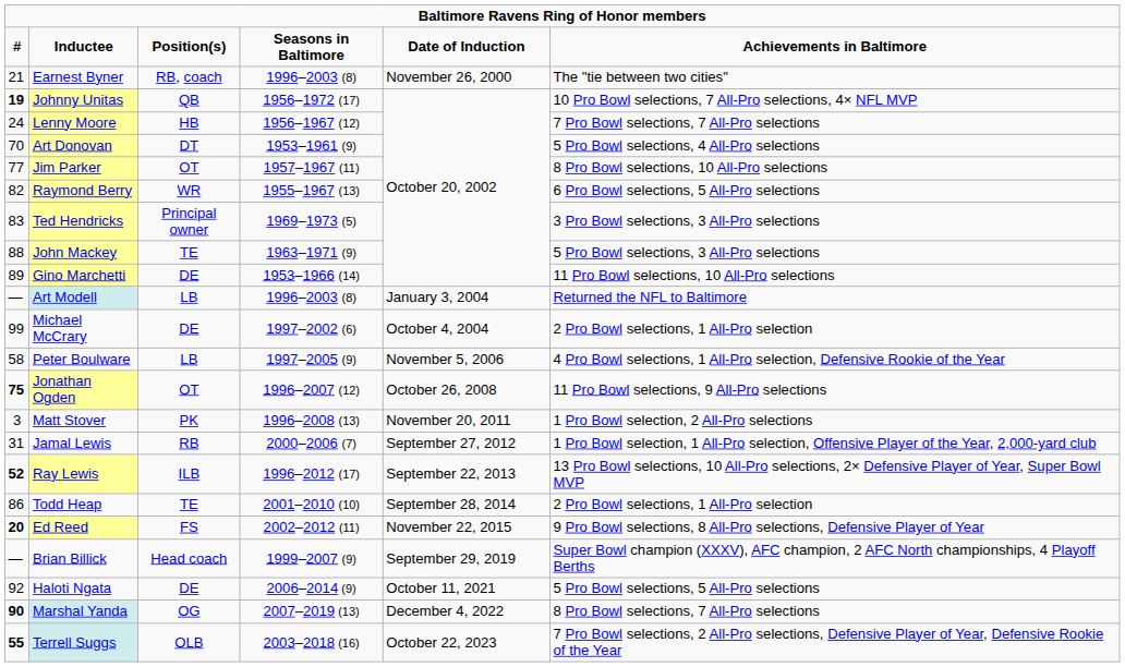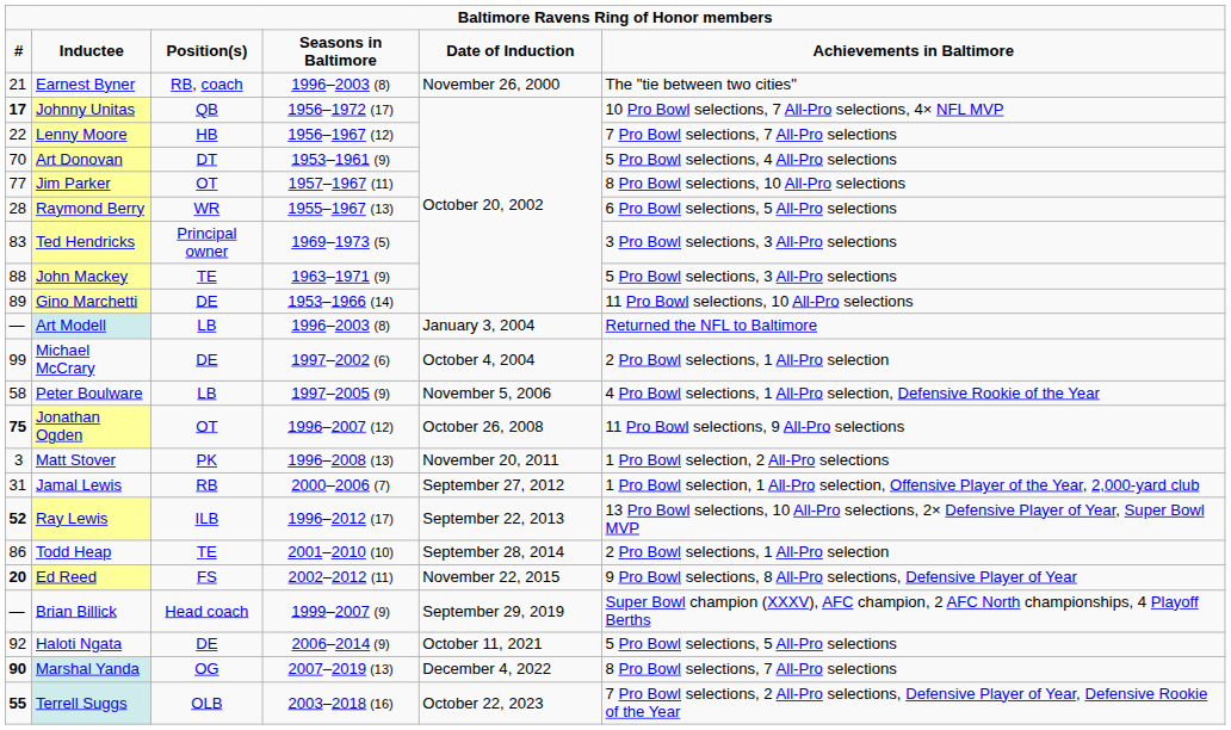 <table class="wikitable">
 <tr>
 <td colspan=6 style="text-align:center; "><strong>Baltimore Ravens Ring of Honor members</strong></td>
 </tr>
 <tr align="center">
 <td style="width:20px"><strong>#</strong></td>
 <td><strong>Inductee</strong></td>
 <td><strong>Position(s)</strong></td>
 <td><strong>Seasons in Baltimore</strong></td>
 <td style="width:15%"><strong>Date of Induction</strong></td>
 <td><strong>Achievements in Baltimore</strong></td>
 </tr>
 <tr>
 <td>21</td>
 <td><a href='#'>Earnest Byner</a></td>
 <td style="text-align:center;"><a href='#'>RB</a>, <a href='#'>coach</a></td>
 <td style="text-align:center;"><a href='#'>1996</a>–<a href='#'>2003</a> <small>(8)</small></td>
 <td>November 26, 2000</td>
 <td>The "tie between two cities"</td>
 </tr>
 <tr>
-<td><strong>19</strong></td>
+<td><strong>17</strong></td>
 <td style="background:#ff9"><a href='#'>Johnny Unitas</a></td>
 <td style="text-align:center;"><a href='#'>QB</a></td>
 <td style="text-align:center;"><a href='#'>1956</a>–<a href='#'>1972</a> <small>(17)</small></td>
 <td rowspan=8>October 20, 2002</td>
 <td>10 <a href='#'>Pro Bowl</a> selections, 7 <a href='#'>All-Pro</a> selections, 4× <a href='#'>NFL MVP</a></td>
 </tr>
 <tr>
-<td>24</td>
+<td>22</td>
 <td style="background:#ff9"><a href='#'>Lenny Moore</a></td>
 <td style="text-align:center;"><a href='#'>HB</a></td>
 <td style="text-align:center;"><a href='#'>1956</a>–<a href='#'>1967</a> <small>(12)</small></td>
 <td>7 <a href='#'>Pro Bowl</a> selections, 7 <a href='#'>All-Pro</a> selections</td>
 </tr>
 <tr>
 <td>70</td>
 <td style="background:#ff9"><a href='#'>Art Donovan</a></td>
 <td style="text-align:center;"><a href='#'>DT</a></td>
 <td style="text-align:center;"><a href='#'>1953</a>–<a href='#'>1961</a> <small>(9)</small></td>
 <td>5 <a href='#'>Pro Bowl</a> selections, 4 <a href='#'>All-Pro</a> selections</td>
 </tr>
 <tr>
 <td>77</td>
 <td style="background:#ff9"><a href='#'>Jim Parker</a></td>
 <td style="text-align:center;"><a href='#'>OT</a></td>
 <td style="text-align:center;"><a href='#'>1957</a>–<a href='#'>1967</a> <small>(11)</small></td>
 <td>8 <a href='#'>Pro Bowl</a> selections, 10 <a href='#'>All-Pro</a> selections</td>
 </tr>
 <tr>
-<td>82</td>
+<td>28</td>
 <td style="background:#ff9"><a href='#'>Raymond Berry</a></td>
 <td style="text-align:center;"><a href='#'>WR</a></td>
 <td style="text-align:center;"><a href='#'>1955</a>–<a href='#'>1967</a> <small>(13)</small></td>
 <td>6 <a href='#'>Pro Bowl</a> selections, 5 <a href='#'>All-Pro</a> selections</td>
 </tr>
 <tr>
 <td>83</td>
 <td style="background:#ff9"><a href='#'>Ted Hendricks</a></td>
 <td style="text-align:center;"><a href='#'>Principal owner</a></td>
 <td style="text-align:center;"><a href='#'>1969</a>–<a href='#'>1973</a> <small>(5)</small></td>
 <td>3 <a href='#'>Pro Bowl</a> selections, 3 <a href='#'>All-Pro</a> selections</td>
 </tr>
 <tr>
 <td>88</td>
 <td style="background:#ff9"><a href='#'>John Mackey</a></td>
 <td style="text-align:center;"><a href='#'>TE</a></td>
 <td style="text-align:center;"><a href='#'>1963</a>–<a href='#'>1971</a> <small>(9)</small></td>
 <td>5 <a href='#'>Pro Bowl</a> selections, 3 <a href='#'>All-Pro</a> selections</td>
 </tr>
 <tr>
 <td>89</td>
 <td style="background:#ff9"><a href='#'>Gino Marchetti</a></td>
 <td style="text-align:center;"><a href='#'>DE</a></td>
 <td style="text-align:center;"><a href='#'>1953</a>–<a href='#'>1966</a> <small>(14)</small></td>
 <td>11 <a href='#'>Pro Bowl</a> selections, 10 <a href='#'>All-Pro</a> selections</td>
 </tr>
 <tr>
 <td>—</td>
 <td style="background:#cfecec"><a href='#'>Art Modell</a></td>
 <td style="text-align:center;"><a href='#'>LB</a></td>
 <td style="text-align:center;"><a href='#'>1996</a>–<a href='#'>2003</a> <small>(8)</small></td>
 <td>January 3, 2004</td>
 <td><a href='#'>Returned the NFL to Baltimore</a></td>
 </tr>
 <tr>
 <td>99</td>
 <td><a href='#'>Michael McCrary</a></td>
 <td style="text-align:center;"><a href='#'>DE</a></td>
 <td style="text-align:center;"><a href='#'>1997</a>–<a href='#'>2002</a> <small>(6)</small></td>
 <td>October 4, 2004</td>
 <td>2 <a href='#'>Pro Bowl</a> selections, 1 <a href='#'>All-Pro</a> selection</td>
 </tr>
 <tr>
 <td>58</td>
 <td><a href='#'>Peter Boulware</a></td>
 <td style="text-align:center;"><a href='#'>LB</a></td>
 <td style="text-align:center;"><a href='#'>1997</a>–<a href='#'>2005</a> <small>(9)</small></td>
 <td>November 5, 2006</td>
 <td>4 <a href='#'>Pro Bowl</a> selections, 1 <a href='#'>All-Pro</a> selection, <a href='#'>Defensive Rookie of the Year</a></td>
 </tr>
 <tr>
 <td><strong>75</strong></td>
 <td style="background:#ff9"><a href='#'>Jonathan Ogden</a></td>
 <td style="text-align:center;"><a href='#'>OT</a></td>
 <td style="text-align:center;"><a href='#'>1996</a>–<a href='#'>2007</a> <small>(12)</small></td>
 <td>October 26, 2008</td>
 <td>11 <a href='#'>Pro Bowl</a> selections, 9 <a href='#'>All-Pro</a> selections</td>
 </tr>
 <tr>
 <td style="text-align:center;">3</td>
 <td><a href='#'>Matt Stover</a></td>
 <td style="text-align:center;"><a href='#'>PK</a></td>
 <td style="text-align:center;"><a href='#'>1996</a>–<a href='#'>2008</a> <small>(13)</small></td>
 <td>November 20, 2011</td>
 <td>1 <a href='#'>Pro Bowl</a> selection, 2 <a href='#'>All-Pro</a> selections</td>
 </tr>
 <tr>
 <td>31</td>
 <td><a href='#'>Jamal Lewis</a></td>
 <td style="text-align:center;"><a href='#'>RB</a></td>
 <td style="text-align:center;"><a href='#'>2000</a>–<a href='#'>2006</a> <small>(7)</small></td>
 <td>September 27, 2012</td>
 <td>1 <a href='#'>Pro Bowl</a> selection, 1 <a href='#'>All-Pro</a> selection, <a href='#'>Offensive Player of the Year</a>, <a href='#'>2,000-yard club</a></td>
 </tr>
 <tr>
 <td><strong>52</strong></td>
 <td style="background:#ff9"><a href='#'>Ray Lewis</a></td>
 <td style="text-align:center;"><a href='#'>ILB</a></td>
 <td style="text-align:center;"><a href='#'>1996</a>–<a href='#'>2012</a> <small>(17)</small></td>
 <td>September 22, 2013</td>
 <td>13 <a href='#'>Pro Bowl</a> selections, 10 <a href='#'>All-Pro</a> selections, 2× <a href='#'>Defensive Player of Year</a>, <a href='#'>Super Bowl MVP</a></td>
 </tr>
 <tr>
 <td>86</td>
 <td><a href='#'>Todd Heap</a></td>
 <td style="text-align:center;"><a href='#'>TE</a></td>
 <td style="text-align:center;"><a href='#'>2001</a>–<a href='#'>2010</a> <small>(10)</small></td>
 <td>September 28, 2014</td>
 <td>2 <a href='#'>Pro Bowl</a> selections, 1 <a href='#'>All-Pro</a> selection</td>
 </tr>
 <tr>
 <td><strong>20</strong></td>
 <td style="background:#ff9"><a href='#'>Ed Reed</a></td>
 <td style="text-align:center;"><a href='#'>FS</a></td>
 <td style="text-align:center;"><a href='#'>2002</a>–<a href='#'>2012</a> <small>(11)</small></td>
 <td>November 22, 2015</td>
 <td>9 <a href='#'>Pro Bowl</a> selections, 8 <a href='#'>All-Pro</a> selections, <a href='#'>Defensive Player of Year</a></td>
 </tr>
 <tr>
 <td>—</td>
 <td><a href='#'>Brian Billick</a></td>
 <td style="text-align:center;"><a href='#'>Head coach</a></td>
 <td style="text-align:center;"><a href='#'>1999</a>–<a href='#'>2007</a> <small>(9)</small></td>
 <td>September 29, 2019</td>
 <td><a href='#'>Super Bowl</a> champion (<a href='#'>XXXV</a>), <a href='#'>AFC</a> champion, 2 <a href='#'>AFC North</a> championships, 4 <a href='#'>Playoff Berths</a></td>
 </tr>
 <tr>
 <td>92</td>
 <td><a href='#'>Haloti Ngata</a></td>
 <td style="text-align:center;"><a href='#'>DE</a></td>
 <td style="text-align:center;"><a href='#'>2006</a>–<a href='#'>2014</a><small> (9)</small></td>
 <td>October 11, 2021</td>
 <td>5 <a href='#'>Pro Bowl</a> selections, 5 <a href='#'>All-Pro</a> selections</td>
 </tr>
 <tr>
 <td><strong>90</strong></td>
 <td style="background:#cfecec"><a href='#'>Marshal Yanda</a></td>
 <td style="text-align:center;"><a href='#'>OG</a></td>
 <td style="text-align:center;"><a href='#'>2007</a>–<a href='#'>2019</a><small> (13)</small></td>
 <td>December 4, 2022</td>
 <td>8 <a href='#'>Pro Bowl</a> selections, 7 <a href='#'>All-Pro</a> selections</td>
 </tr>
 <tr>
 <td><strong>55</strong></td>
 <td style="background:#cfecec"><a href='#'>Terrell Suggs</a></td>
 <td style="text-align:center;"><a href='#'>OLB</a></td>
 <td style="text-align:center;"><a href='#'>2003</a>–<a href='#'>2018</a><small> (16)</small></td>
 <td>October 22, 2023</td>
 <td>7 <a href='#'>Pro Bowl</a> selections, 2 <a href='#'>All-Pro</a> selections, <a href='#'>Defensive Player of Year</a>, <a href='#'>Defensive Rookie of the Year</a></td>
 </tr>
 </table>
